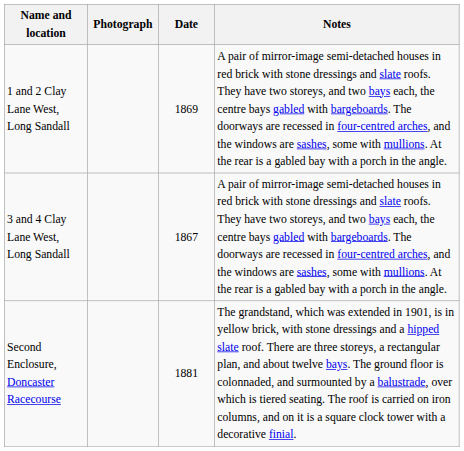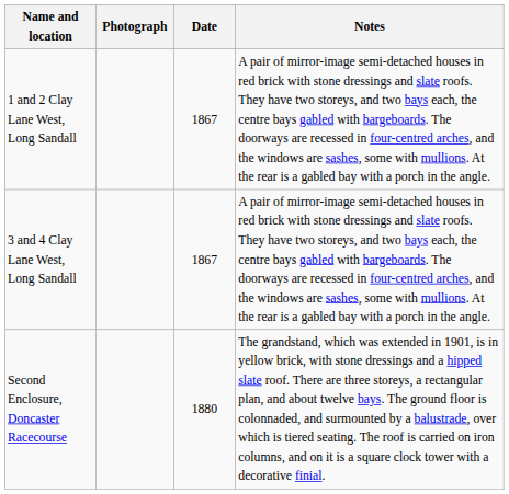 <table class="wikitable sortable plainrowheaders" style="width:100%;border:0px;text-align:left;line-height:150%;">
 <tr>
 <th scope="col"  style="width:150px">Name and location</th>
 <th scope="col"  style="width:100px" class="unsortable">Photograph</th>
 <th scope="col"  style="width:120px">Date</th>
 <th scope="col"  style="width:650px" class="unsortable">Notes</th>
 </tr>
 <tr>
 <td>1 and 2 Clay Lane West, Long Sandall<br><small></small></td>
 <td></td>
-<td align="center">1869</td>
+<td align="center">1867</td>
 <td>A pair of mirror-image semi-detached houses in red brick with stone dressings and <a href='#'>slate</a> roofs.  They have two storeys, and two <a href='#'>bays</a> each, the centre bays <a href='#'>gabled</a> with <a href='#'>bargeboards</a>.  The doorways are recessed in <a href='#'>four-centred arches</a>, and the windows are <a href='#'>sashes</a>, some with <a href='#'>mullions</a>.  At the rear is a gabled bay with a porch in the angle.</td>
 </tr>
 <tr>
 <td>3 and 4 Clay Lane West, Long Sandall<br><small></small></td>
 <td></td>
 <td align="center">1867</td>
 <td>A pair of mirror-image semi-detached houses in red brick with stone dressings and <a href='#'>slate</a> roofs.  They have two storeys, and two <a href='#'>bays</a> each, the centre bays <a href='#'>gabled</a> with <a href='#'>bargeboards</a>.  The doorways are recessed in <a href='#'>four-centred arches</a>, and the windows are <a href='#'>sashes</a>, some with <a href='#'>mullions</a>.  At the rear is a gabled bay with a porch in the angle.</td>
 </tr>
 <tr>
 <td>Second Enclosure,<br><a href='#'>Doncaster Racecourse</a><br><small></small></td>
 <td></td>
-<td align="center">1881</td>
+<td align="center">1880</td>
 <td>The grandstand, which was extended in 1901, is in yellow brick, with stone dressings and a <a href='#'>hipped</a> <a href='#'>slate</a> roof.  There are three storeys, a rectangular plan, and about twelve <a href='#'>bays</a>.  The ground floor is colonnaded, and surmounted by a <a href='#'>balustrade</a>, over which is tiered seating.  The roof is carried on iron columns, and on it is a square clock tower with a decorative <a href='#'>finial</a>.</td>
 </tr>
 <tr>
 </tr>
 </table>
